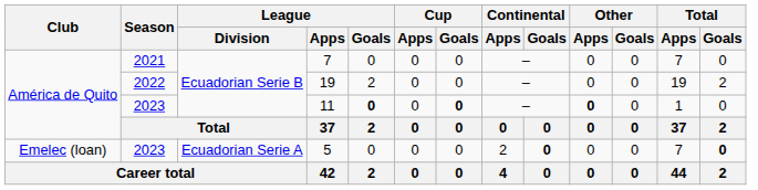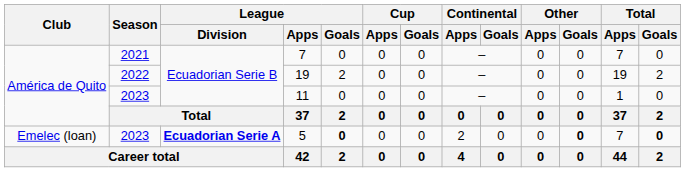 <table class=wikitable style=text-align:center>
 <tr>
 <th rowspan="2">Club</th>
 <th rowspan="2">Season</th>
 <th colspan="3">League</th>
 <th colspan="2">Cup</th>
 <th colspan="2">Continental</th>
 <th colspan="2">Other</th>
 <th colspan="2">Total</th>
 </tr>
 <tr>
 <th>Division</th>
 <th>Apps</th>
 <th>Goals</th>
 <th>Apps</th>
 <th>Goals</th>
 <th>Apps</th>
 <th>Goals</th>
 <th>Apps</th>
 <th>Goals</th>
 <th>Apps</th>
 <th>Goals</th>
 </tr>
 <tr>
 <td rowspan="4"><a href='#'>América de Quito</a></td>
 <td><a href='#'>2021</a></td>
 <td rowspan="3"><a href='#'>Ecuadorian Serie B</a></td>
 <td>7</td>
 <td>0</td>
 <td>0</td>
 <td>0</td>
 <td colspan="2">–</td>
 <td>0</td>
 <td>0</td>
 <td>7</td>
 <td>0</td>
 </tr>
 <tr>
 <td><a href='#'>2022</a></td>
 <td>19</td>
 <td>2</td>
 <td>0</td>
 <td>0</td>
 <td colspan="2">–</td>
 <td>0</td>
 <td>0</td>
 <td>19</td>
 <td>2</td>
 </tr>
 <tr>
 <td><a href='#'>2023</a></td>
 <td>11</td>
-<td><strong>0</strong></td>
 <td>0</td>
-<td><strong>0</strong></td>
+<td>0</td>
+<td>0</td>
 <td colspan="2">–</td>
-<td><strong>0</strong></td>
+<td>0</td>
 <td>0</td>
 <td>1</td>
 <td>0</td>
 </tr>
 <tr>
 <th colspan=2>Total</th>
 <th>37</th>
 <th>2</th>
 <th>0</th>
 <th>0</th>
 <th>0</th>
 <th>0</th>
 <th>0</th>
 <th>0</th>
 <th>37</th>
 <th>2</th>
 </tr>
 <tr>
 <td><a href='#'>Emelec</a> (loan)</td>
 <td><a href='#'>2023</a></td>
-<td><a href='#'>Ecuadorian Serie A</a></td>
+<td><strong><a href='#'>Ecuadorian Serie A</a></strong></td>
 <td>5</td>
-<td>0</td>
+<td><strong>0</strong></td>
 <td>0</td>
 <td>0</td>
 <td>2</td>
-<td><strong>0</strong></td>
 <td>0</td>
 <td>0</td>
+<td><strong>0</strong></td>
 <td>7</td>
 <td><strong>0</strong></td>
 </tr>
 <tr>
 <th colspan=3>Career total</th>
 <th>42</th>
 <th>2</th>
 <th>0</th>
 <th>0</th>
 <th>4</th>
 <th>0</th>
 <th>0</th>
 <th>0</th>
 <th>44</th>
 <th>2</th>
 </tr>
 </table>
